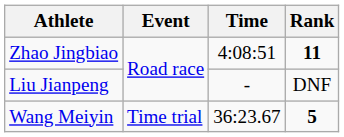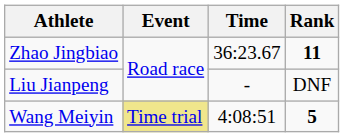 <table class="wikitable"  style="font-size:90%; display:inline-table;">
 <tr>
 <th>Athlete</th>
 <th>Event</th>
 <th>Time</th>
 <th>Rank</th>
 </tr>
 <tr>
 <td><a href='#'>Zhao Jingbiao</a></td>
 <td rowspan=2><a href='#'>Road race</a></td>
-<td align=center>4:08:51</td>
+<td align=center>36:23.67</td>
 <td align=center><strong>11</strong></td>
 </tr>
 <tr>
 <td><a href='#'>Liu Jianpeng</a></td>
 <td align=center>-</td>
 <td align=center>DNF</td>
 </tr>
 <tr>
 <td><a href='#'>Wang Meiyin</a></td>
-<td><a href='#'>Time trial</a></td>
-<td align=center>36:23.67</td>
+<td style="background: khaki;"><a href='#'>Time trial</a></td>
+<td align=center>4:08:51</td>
 <td align=center><strong>5</strong></td>
 </tr>
 </table>
